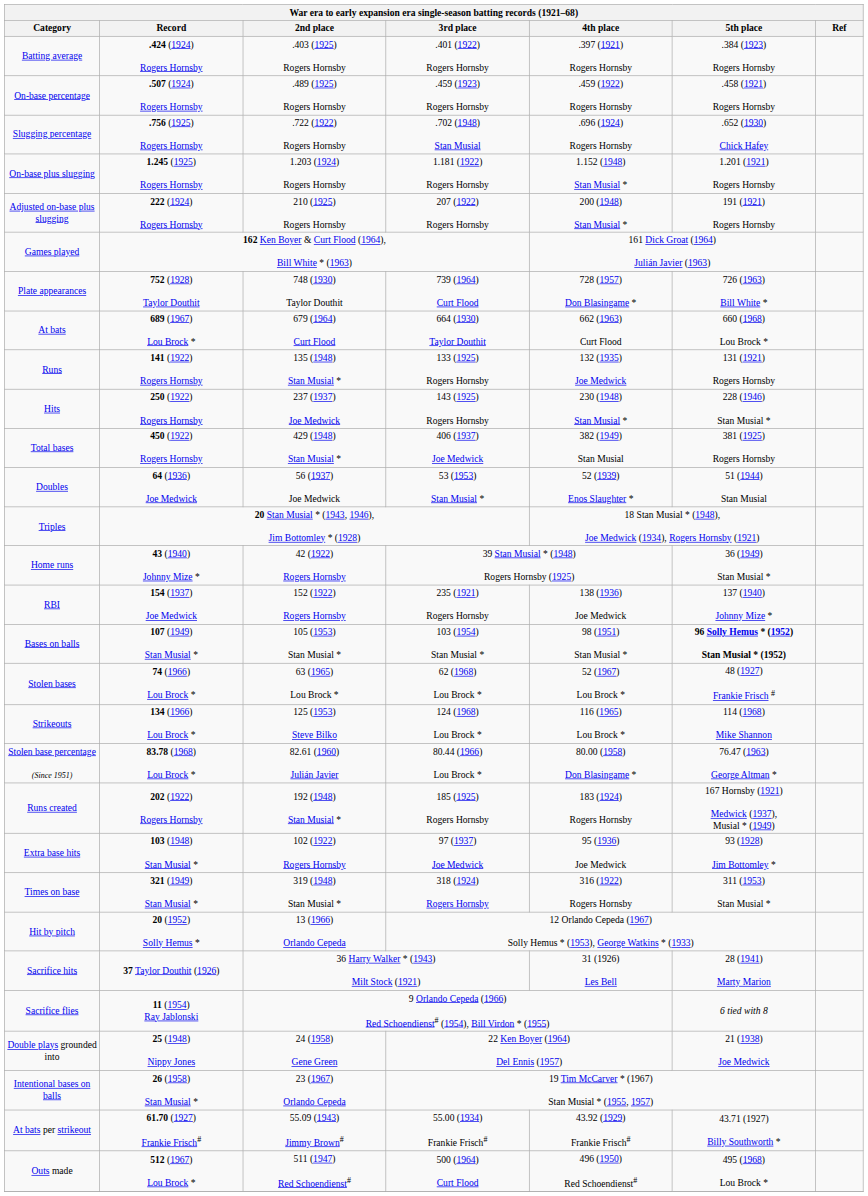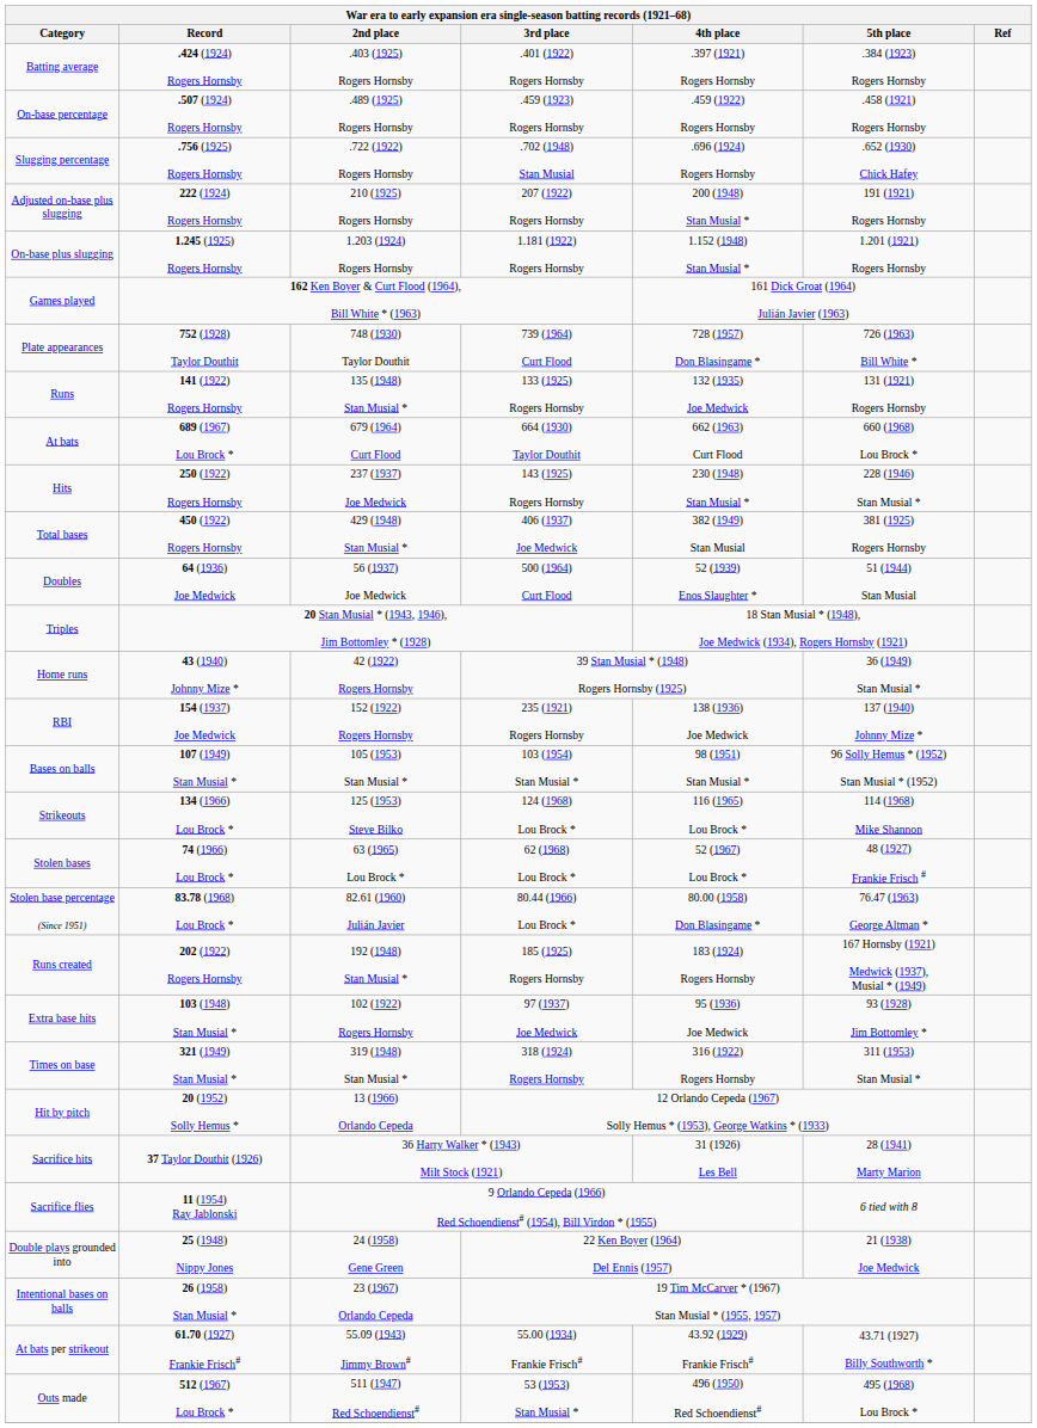 <table class="wikitable" style="text-align:center; font-size:88%; width:100%">
 <tr>
 <th colspan=7>War era to early expansion era single-season batting records (1921–68)</th>
 </tr>
 <tr>
 <th scope="col" width=10%>Category</th>
 <th scope="col" width=15%>Record</th>
 <th scope="col" width=15%>2nd place</th>
 <th scope="col" width=15%>3rd place</th>
 <th scope="col" width=15%>4th place</th>
 <th scope="col" width=15%>5th place</th>
 <th scope="col" width=5%>Ref</th>
 </tr>
 <tr>
 <td><a href='#'>Batting average</a></td>
 <td><strong>.424</strong> (<a href='#'>1924</a>)<br><br><a href='#'>Rogers Hornsby</a></td>
 <td>.403 (<a href='#'>1925</a>)<br><br>Rogers Hornsby</td>
 <td>.401 (<a href='#'>1922</a>)<br><br>Rogers Hornsby</td>
 <td>.397 (<a href='#'>1921</a>)<br><br>Rogers Hornsby</td>
 <td>.384 (<a href='#'>1923</a>)<br><br>Rogers Hornsby</td>
 <td></td>
 </tr>
 <tr>
 <td><a href='#'>On-base percentage</a></td>
 <td><strong>.507</strong> (<a href='#'>1924</a>)<br><br><a href='#'>Rogers Hornsby</a></td>
 <td>.489 (<a href='#'>1925</a>)<br><br>Rogers Hornsby</td>
 <td>.459 (<a href='#'>1923</a>)<br><br>Rogers Hornsby</td>
 <td>.459 (<a href='#'>1922</a>)<br><br>Rogers Hornsby</td>
 <td>.458 (<a href='#'>1921</a>)<br><br>Rogers Hornsby</td>
 <td></td>
 </tr>
 <tr>
 <td><a href='#'>Slugging percentage</a></td>
 <td><strong>.756</strong> (<a href='#'>1925</a>)<br><br><a href='#'>Rogers Hornsby</a></td>
 <td>.722 (<a href='#'>1922</a>)<br><br>Rogers Hornsby</td>
 <td>.702 (<a href='#'>1948</a>)<br><br><a href='#'>Stan Musial</a></td>
 <td>.696 (<a href='#'>1924</a>)<br><br>Rogers Hornsby</td>
 <td>.652 (<a href='#'>1930</a>)<br><br><a href='#'>Chick Hafey</a></td>
 <td></td>
 </tr>
 <tr>
+<td><a href='#'>Adjusted on-base plus slugging</a></td>
+<td><strong>222</strong> (<a href='#'>1924</a>)<br><br><a href='#'>Rogers Hornsby</a></td>
+<td>210 (<a href='#'>1925</a>)<br><br>Rogers Hornsby</td>
+<td>207 (<a href='#'>1922</a>)<br><br>Rogers Hornsby</td>
+<td>200 (<a href='#'>1948</a>)<br><br><a href='#'>Stan Musial</a> *</td>
+<td>191 (<a href='#'>1921</a>)<br><br>Rogers Hornsby</td>
+<td></td>
+</tr>
+<tr>
 <td><a href='#'>On-base plus slugging</a></td>
 <td><strong>1.245</strong> (<a href='#'>1925</a>)<br><br><a href='#'>Rogers Hornsby</a></td>
 <td>1.203 (<a href='#'>1924</a>)<br><br>Rogers Hornsby</td>
 <td>1.181 (<a href='#'>1922</a>)<br><br>Rogers Hornsby</td>
 <td>1.152 (<a href='#'>1948</a>)<br><br><a href='#'>Stan Musial</a> *</td>
 <td>1.201 (<a href='#'>1921</a>)<br><br>Rogers Hornsby</td>
-<td></td>
-</tr>
-<tr>
-<td><a href='#'>Adjusted on-base plus slugging</a></td>
-<td><strong>222</strong> (<a href='#'>1924</a>)<br><br><a href='#'>Rogers Hornsby</a></td>
-<td>210 (<a href='#'>1925</a>)<br><br>Rogers Hornsby</td>
-<td>207 (<a href='#'>1922</a>)<br><br>Rogers Hornsby</td>
-<td>200 (<a href='#'>1948</a>)<br><br><a href='#'>Stan Musial</a> *</td>
-<td>191 (<a href='#'>1921</a>)<br><br>Rogers Hornsby</td>
 <td></td>
 </tr>
 <tr>
 <td><a href='#'>Games played</a></td>
 <td colspan="3" style="text-align: center;"><strong>162</strong> <a href='#'>Ken Boyer</a> & <a href='#'>Curt Flood</a> (<a href='#'>1964</a>),<br><br><a href='#'>Bill White</a> * (<a href='#'>1963</a>)</td>
 <td colspan="2" style="text-align: center;">161 <a href='#'>Dick Groat</a> (<a href='#'>1964</a>)<br><br><a href='#'>Julián Javier</a> (<a href='#'>1963</a>)</td>
 <td></td>
 </tr>
 <tr>
 <td><a href='#'>Plate appearances</a></td>
 <td><strong>752</strong> (<a href='#'>1928</a>)<br><br><a href='#'>Taylor Douthit</a></td>
 <td>748 (<a href='#'>1930</a>)<br><br>Taylor Douthit</td>
 <td>739 (<a href='#'>1964</a>)<br><br><a href='#'>Curt Flood</a></td>
 <td>728 (<a href='#'>1957</a>)<br><br><a href='#'>Don Blasingame</a> *</td>
 <td>726 (<a href='#'>1963</a>)<br><br><a href='#'>Bill White</a> *</td>
 <td></td>
 </tr>
 <tr>
+<td><a href='#'>Runs</a></td>
+<td><strong>141</strong> (<a href='#'>1922</a>)<br><br><a href='#'>Rogers Hornsby</a></td>
+<td>135 (<a href='#'>1948</a>)<br><br><a href='#'>Stan Musial</a> *</td>
+<td>133 (<a href='#'>1925</a>)<br><br>Rogers Hornsby</td>
+<td>132 (<a href='#'>1935</a>)<br><br><a href='#'>Joe Medwick</a></td>
+<td>131 (<a href='#'>1921</a>)<br><br>Rogers Hornsby</td>
+<td></td>
+</tr>
+<tr>
 <td><a href='#'>At bats</a></td>
 <td><strong>689</strong> (<a href='#'>1967</a>)<br><br><a href='#'>Lou Brock</a> *</td>
 <td>679 (<a href='#'>1964</a>)<br><br><a href='#'>Curt Flood</a></td>
 <td>664 (<a href='#'>1930</a>)<br><br><a href='#'>Taylor Douthit</a></td>
 <td>662 (<a href='#'>1963</a>)<br><br>Curt Flood</td>
 <td>660 (<a href='#'>1968</a>)<br><br>Lou Brock *</td>
-<td></td>
-</tr>
-<tr>
-<td><a href='#'>Runs</a></td>
-<td><strong>141</strong> (<a href='#'>1922</a>)<br><br><a href='#'>Rogers Hornsby</a></td>
-<td>135 (<a href='#'>1948</a>)<br><br><a href='#'>Stan Musial</a> *</td>
-<td>133 (<a href='#'>1925</a>)<br><br>Rogers Hornsby</td>
-<td>132 (<a href='#'>1935</a>)<br><br><a href='#'>Joe Medwick</a></td>
-<td>131 (<a href='#'>1921</a>)<br><br>Rogers Hornsby</td>
 <td></td>
 </tr>
 <tr>
 <td><a href='#'>Hits</a></td>
 <td><strong>250</strong> (<a href='#'>1922</a>)<br><br><a href='#'>Rogers Hornsby</a></td>
 <td>237 (<a href='#'>1937</a>)<br><br><a href='#'>Joe Medwick</a></td>
 <td>143 (<a href='#'>1925</a>)<br><br>Rogers Hornsby</td>
 <td>230 (<a href='#'>1948</a>)<br><br><a href='#'>Stan Musial</a> *</td>
 <td>228 (<a href='#'>1946</a>)<br><br>Stan Musial *</td>
 <td></td>
 </tr>
 <tr>
 <td><a href='#'>Total bases</a></td>
 <td><strong>450</strong> (<a href='#'>1922</a>)<br><br><a href='#'>Rogers Hornsby</a></td>
 <td>429 (<a href='#'>1948</a>)<br><br><a href='#'>Stan Musial</a> *</td>
 <td>406 (<a href='#'>1937</a>)<br><br><a href='#'>Joe Medwick</a></td>
 <td>382 (<a href='#'>1949</a>)<br><br>Stan Musial</td>
 <td>381 (<a href='#'>1925</a>)<br><br>Rogers Hornsby</td>
 <td></td>
 </tr>
 <tr>
 <td><a href='#'>Doubles</a></td>
 <td><strong>64</strong> (<a href='#'>1936</a>)<br><br><a href='#'>Joe Medwick</a></td>
 <td>56 (<a href='#'>1937</a>)<br><br>Joe Medwick</td>
-<td>53 (<a href='#'>1953</a>)<br><br><a href='#'>Stan Musial</a> *</td>
+<td>500  (<a href='#'>1964</a>)<br><br><a href='#'>Curt Flood</a></td>
 <td>52 (<a href='#'>1939</a>)<br><br><a href='#'>Enos Slaughter</a> *</td>
 <td>51 (<a href='#'>1944</a>)<br><br>Stan Musial</td>
 <td></td>
 </tr>
 <tr>
 <td><a href='#'>Triples</a></td>
 <td colspan="3" style="text-align: center;"><strong>20</strong> <a href='#'>Stan Musial</a> * (<a href='#'>1943</a>, <a href='#'>1946</a>),<br><br><a href='#'>Jim Bottomley</a> * (<a href='#'>1928</a>)</td>
 <td colspan="2" style="text-align: center;">18 Stan Musial * (<a href='#'>1948</a>),<br><br><a href='#'>Joe Medwick</a> (<a href='#'>1934</a>), <a href='#'>Rogers Hornsby</a> (<a href='#'>1921</a>)</td>
 <td></td>
 </tr>
 <tr>
 <td><a href='#'>Home runs</a></td>
 <td><strong>43</strong> (<a href='#'>1940</a>)<br><br><a href='#'>Johnny Mize</a> *</td>
 <td>42 (<a href='#'>1922</a>)<br><br><a href='#'>Rogers Hornsby</a></td>
 <td colspan="2" style="text-align: center;">39 <a href='#'>Stan Musial</a> * (<a href='#'>1948</a>)<br><br>Rogers Hornsby (<a href='#'>1925</a>)</td>
 <td>36 (<a href='#'>1949</a>)<br><br>Stan Musial *</td>
 <td></td>
 </tr>
 <tr>
 <td><a href='#'>RBI</a></td>
 <td><strong>154</strong> (<a href='#'>1937</a>)<br><br><a href='#'>Joe Medwick</a></td>
 <td>152 (<a href='#'>1922</a>)<br><br><a href='#'>Rogers Hornsby</a></td>
 <td>235 (<a href='#'>1921</a>)<br><br>Rogers Hornsby</td>
 <td>138 (<a href='#'>1936</a>)<br><br>Joe Medwick</td>
 <td>137  (<a href='#'>1940</a>)<br><br><a href='#'>Johnny Mize</a> *</td>
 <td></td>
 </tr>
 <tr>
 <td><a href='#'>Bases on balls</a></td>
 <td><strong>107</strong> (<a href='#'>1949</a>)<br><br><a href='#'>Stan Musial</a> *</td>
 <td>105 (<a href='#'>1953</a>)<br><br>Stan Musial *</td>
 <td>103 (<a href='#'>1954</a>)<br><br>Stan Musial *</td>
 <td>98 (<a href='#'>1951</a>)<br><br>Stan Musial *</td>
-<td><strong>96 <a href='#'>Solly Hemus</a> * (<a href='#'>1952</a>)<br><br>Stan Musial * (1952)</strong></td>
+<td>96 <a href='#'>Solly Hemus</a> * (<a href='#'>1952</a>)<br><br>Stan Musial * (1952)</td>
+<td></td>
+</tr>
+<tr>
+<td><a href='#'>Strikeouts</a></td>
+<td><strong>134</strong> (<a href='#'>1966</a>)<br><br><a href='#'>Lou Brock</a> *</td>
+<td>125 (<a href='#'>1953</a>)<br><br><a href='#'>Steve Bilko</a></td>
+<td>124 (<a href='#'>1968</a>)<br><br>Lou Brock *</td>
+<td>116 (<a href='#'>1965</a>)<br><br>Lou Brock *</td>
+<td>114 (<a href='#'>1968</a>)<br><br><a href='#'>Mike Shannon</a></td>
 <td></td>
 </tr>
 <tr>
 <td><a href='#'>Stolen bases</a></td>
 <td><strong>74</strong> (<a href='#'>1966</a>)<br><br><a href='#'>Lou Brock</a> *</td>
 <td>63 (<a href='#'>1965</a>)<br><br>Lou Brock *</td>
 <td>62 (<a href='#'>1968</a>)<br><br>Lou Brock *</td>
 <td>52 (<a href='#'>1967</a>)<br><br>Lou Brock *</td>
 <td>48 (<a href='#'>1927</a>)<br><br><a href='#'>Frankie Frisch</a> <sup>#</sup></td>
-<td></td>
-</tr>
-<tr>
-<td><a href='#'>Strikeouts</a></td>
-<td><strong>134</strong> (<a href='#'>1966</a>)<br><br><a href='#'>Lou Brock</a> *</td>
-<td>125 (<a href='#'>1953</a>)<br><br><a href='#'>Steve Bilko</a></td>
-<td>124 (<a href='#'>1968</a>)<br><br>Lou Brock *</td>
-<td>116 (<a href='#'>1965</a>)<br><br>Lou Brock *</td>
-<td>114 (<a href='#'>1968</a>)<br><br><a href='#'>Mike Shannon</a></td>
 <td></td>
 </tr>
 <tr>
 <td><a href='#'>Stolen base percentage</a><br><br><small><em>(Since 1951)</em></small></td>
 <td><strong>83.78</strong> (<a href='#'>1968</a>)<br><br><a href='#'>Lou Brock</a> *</td>
 <td>82.61 (<a href='#'>1960</a>)<br><br><a href='#'>Julián Javier</a></td>
 <td>80.44 (<a href='#'>1966</a>)<br><br>Lou Brock *</td>
 <td>80.00 (<a href='#'>1958</a>)<br><br><a href='#'>Don Blasingame</a> *</td>
 <td>76.47 (<a href='#'>1963</a>)<br><br><a href='#'>George Altman</a> *</td>
 <td></td>
 </tr>
 <tr>
 <td><a href='#'>Runs created</a></td>
 <td><strong>202</strong> (<a href='#'>1922</a>)<br><br><a href='#'>Rogers Hornsby</a></td>
 <td>192 (<a href='#'>1948</a>)<br><br><a href='#'>Stan Musial</a> *</td>
 <td>185 (<a href='#'>1925</a>)<br><br>Rogers Hornsby</td>
 <td>183 (<a href='#'>1924</a>)<br><br>Rogers Hornsby</td>
 <td>167 Hornsby (<a href='#'>1921</a>)<br><br><a href='#'>Medwick</a> (<a href='#'>1937</a>),<br> Musial * (<a href='#'>1949</a>)</td>
 <td></td>
 </tr>
 <tr>
 <td><a href='#'>Extra base hits</a></td>
 <td><strong>103</strong> (<a href='#'>1948</a>)<br><br><a href='#'>Stan Musial</a> *</td>
 <td>102 (<a href='#'>1922</a>)<br><br><a href='#'>Rogers Hornsby</a></td>
 <td>97 (<a href='#'>1937</a>)<br><br><a href='#'>Joe Medwick</a></td>
 <td>95 (<a href='#'>1936</a>)<br><br>Joe Medwick</td>
 <td>93 (<a href='#'>1928</a>)<br><br><a href='#'>Jim Bottomley</a> *</td>
 <td></td>
 </tr>
 <tr>
 <td><a href='#'>Times on base</a></td>
 <td><strong>321</strong> (<a href='#'>1949</a>)<br><br><a href='#'>Stan Musial</a> *</td>
 <td>319 (<a href='#'>1948</a>)<br><br>Stan Musial *</td>
 <td>318 (<a href='#'>1924</a>)<br><br><a href='#'>Rogers Hornsby</a></td>
 <td>316 (<a href='#'>1922</a>)<br><br>Rogers Hornsby</td>
 <td>311 (<a href='#'>1953</a>)<br><br>Stan Musial *</td>
 <td></td>
 </tr>
 <tr>
 <td><a href='#'>Hit by pitch</a></td>
 <td><strong>20</strong> (<a href='#'>1952</a>)<br><br><a href='#'>Solly Hemus</a> *</td>
 <td>13 (<a href='#'>1966</a>)<br><br><a href='#'>Orlando Cepeda</a></td>
 <td colspan="3" style="text-align: center;">12 Orlando Cepeda (<a href='#'>1967</a>)<br><br>Solly Hemus * (<a href='#'>1953</a>), <a href='#'>George Watkins</a> * (<a href='#'>1933</a>)</td>
 <td></td>
 </tr>
 <tr>
 <td><a href='#'>Sacrifice hits</a></td>
 <td><strong>37</strong> <a href='#'>Taylor Douthit</a> (<a href='#'>1926</a>)</td>
 <td colspan="2" style="text-align: center;">36 <a href='#'>Harry Walker</a> * (<a href='#'>1943</a>)<br><br><a href='#'>Milt Stock</a> (<a href='#'>1921</a>)</td>
 <td>31 (1926)<br><br><a href='#'>Les Bell</a></td>
 <td>28 (<a href='#'>1941</a>)<br><br><a href='#'>Marty Marion</a></td>
 <td></td>
 </tr>
 <tr>
 <td><a href='#'>Sacrifice flies</a></td>
 <td><strong>11</strong> (<a href='#'>1954</a>)<br><a href='#'>Ray Jablonski</a></td>
 <td colspan="3" style="text-align: center;">9 <a href='#'>Orlando Cepeda</a> (<a href='#'>1966</a>)<br><br><a href='#'>Red Schoendienst</a><sup>#</sup> (<a href='#'>1954</a>), <a href='#'>Bill Virdon</a> * (<a href='#'>1955</a>)</td>
 <td><em>6 tied with 8</em></td>
 <td></td>
 </tr>
 <tr>
 <td><a href='#'>Double plays</a> grounded into</td>
 <td><strong>25</strong> (<a href='#'>1948</a>)<br><br><a href='#'>Nippy Jones</a></td>
 <td>24 (<a href='#'>1958</a>)<br><br><a href='#'>Gene Green</a></td>
 <td colspan="2" style="text-align: center;">22 <a href='#'>Ken Boyer</a> (<a href='#'>1964</a>)<br><br><a href='#'>Del Ennis</a> (<a href='#'>1957</a>)</td>
 <td>21 (<a href='#'>1938</a>)<br><br><a href='#'>Joe Medwick</a></td>
 <td></td>
 </tr>
 <tr>
 <td><a href='#'>Intentional bases on balls</a></td>
 <td><strong>26</strong> (<a href='#'>1958</a>)<br><br><a href='#'>Stan Musial</a> *</td>
 <td>23 (<a href='#'>1967</a>)<br><br><a href='#'>Orlando Cepeda</a></td>
 <td colspan="3" style="text-align: center;">19 <a href='#'>Tim McCarver</a> * (1967)<br><br>Stan Musial * (<a href='#'>1955</a>, <a href='#'>1957</a>)</td>
 <td></td>
 </tr>
 <tr>
 <td><a href='#'>At bats</a> per <a href='#'>strikeout</a></td>
 <td><strong>61.70</strong> (<a href='#'>1927</a>)<br><br><a href='#'>Frankie Frisch</a><sup>#</sup></td>
 <td>55.09 (<a href='#'>1943</a>)<br><br><a href='#'>Jimmy Brown</a><sup>#</sup></td>
 <td>55.00 (<a href='#'>1934</a>)<br><br>Frankie Frisch<sup>#</sup></td>
 <td>43.92 (<a href='#'>1929</a>)<br><br>Frankie Frisch<sup>#</sup></td>
 <td>43.71 (1927)<br><br><a href='#'>Billy Southworth</a> *</td>
 <td></td>
 </tr>
 <tr>
 <td><a href='#'>Outs</a> made</td>
 <td><strong>512</strong> (<a href='#'>1967</a>)<br><br><a href='#'>Lou Brock</a> *</td>
 <td>511 (<a href='#'>1947</a>)<br><br><a href='#'>Red Schoendienst</a><sup>#</sup></td>
-<td>500  (<a href='#'>1964</a>)<br><br><a href='#'>Curt Flood</a></td>
+<td>53 (<a href='#'>1953</a>)<br><br><a href='#'>Stan Musial</a> *</td>
 <td>496 (<a href='#'>1950</a>)<br><br>Red Schoendienst<sup>#</sup></td>
 <td>495 (<a href='#'>1968</a>)<br><br>Lou Brock *</td>
 <td></td>
 </tr>
 <tr>
 </tr>
 </table>
